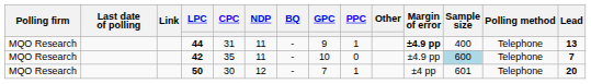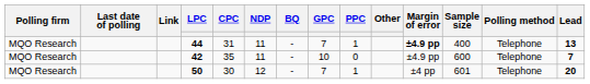 <table class="wikitable sortable mw-datatable" style="text-align:center;font-size:90%;line-height:14px;">
 <tr style="height:40px;">
 <th rowspan="2" style="width:105px;">Polling firm</th>
 <th rowspan="2" style="width:105px;">Last date<br>of polling</th>
 <th rowspan="2">Link</th>
 <th class="unsortable" style="width:40px;"><a href='#'>LPC</a></th>
 <th class="unsortable" style="width:40px;"><a href='#'>CPC</a></th>
 <th class="unsortable" style="width:40px;"><a href='#'>NDP</a></th>
 <th class="unsortable" style="width:40px;"><a href='#'>BQ</a></th>
 <th class="unsortable" style="width:40px;"><a href='#'>GPC</a></th>
 <th class="unsortable" style="width:40px;"><a href='#'>PPC</a></th>
 <th class="unsortable" style="width:40px;">Other</th>
 <th rowspan="2">Margin<br>of error</th>
 <th rowspan="2">Sample<br>size</th>
 <th rowspan="2">Polling method</th>
 <th rowspan="2">Lead</th>
 </tr>
 <tr>
 <th style="background:"></th>
 <th style="background:"></th>
 <th style="background:"></th>
 <th style="background:"></th>
 <th style="background:"></th>
 <th style="background:"></th>
 <th style="background:"></th>
 </tr>
 <tr>
 <td>MQO Research</td>
 <td></td>
 <td></td>
 <td><strong>44</strong></td>
 <td>31</td>
 <td>11</td>
 <td>-</td>
-<td>9</td>
+<td>7</td>
 <td>1</td>
 <td></td>
 <td><strong>±4.9 pp</strong></td>
 <td>400</td>
 <td>Telephone</td>
 <td><strong>13</strong></td>
 </tr>
 <tr>
 <td>MQO Research</td>
 <td></td>
 <td></td>
 <td><strong>42</strong></td>
 <td>35</td>
 <td>11</td>
 <td>-</td>
 <td>10</td>
 <td>0</td>
 <td></td>
 <td>±4.9 pp</td>
-<td style="background: lightblue;">600</td>
+<td>600</td>
 <td>Telephone</td>
 <td><strong>7</strong></td>
 </tr>
 <tr>
 <td>MQO Research</td>
 <td></td>
 <td></td>
 <td><strong>50</strong></td>
 <td>30</td>
 <td>12</td>
 <td>-</td>
 <td>7</td>
 <td>1</td>
 <td></td>
 <td>±4 pp</td>
 <td>601</td>
 <td>Telephone</td>
 <td><strong>20</strong></td>
 </tr>
 </table>
